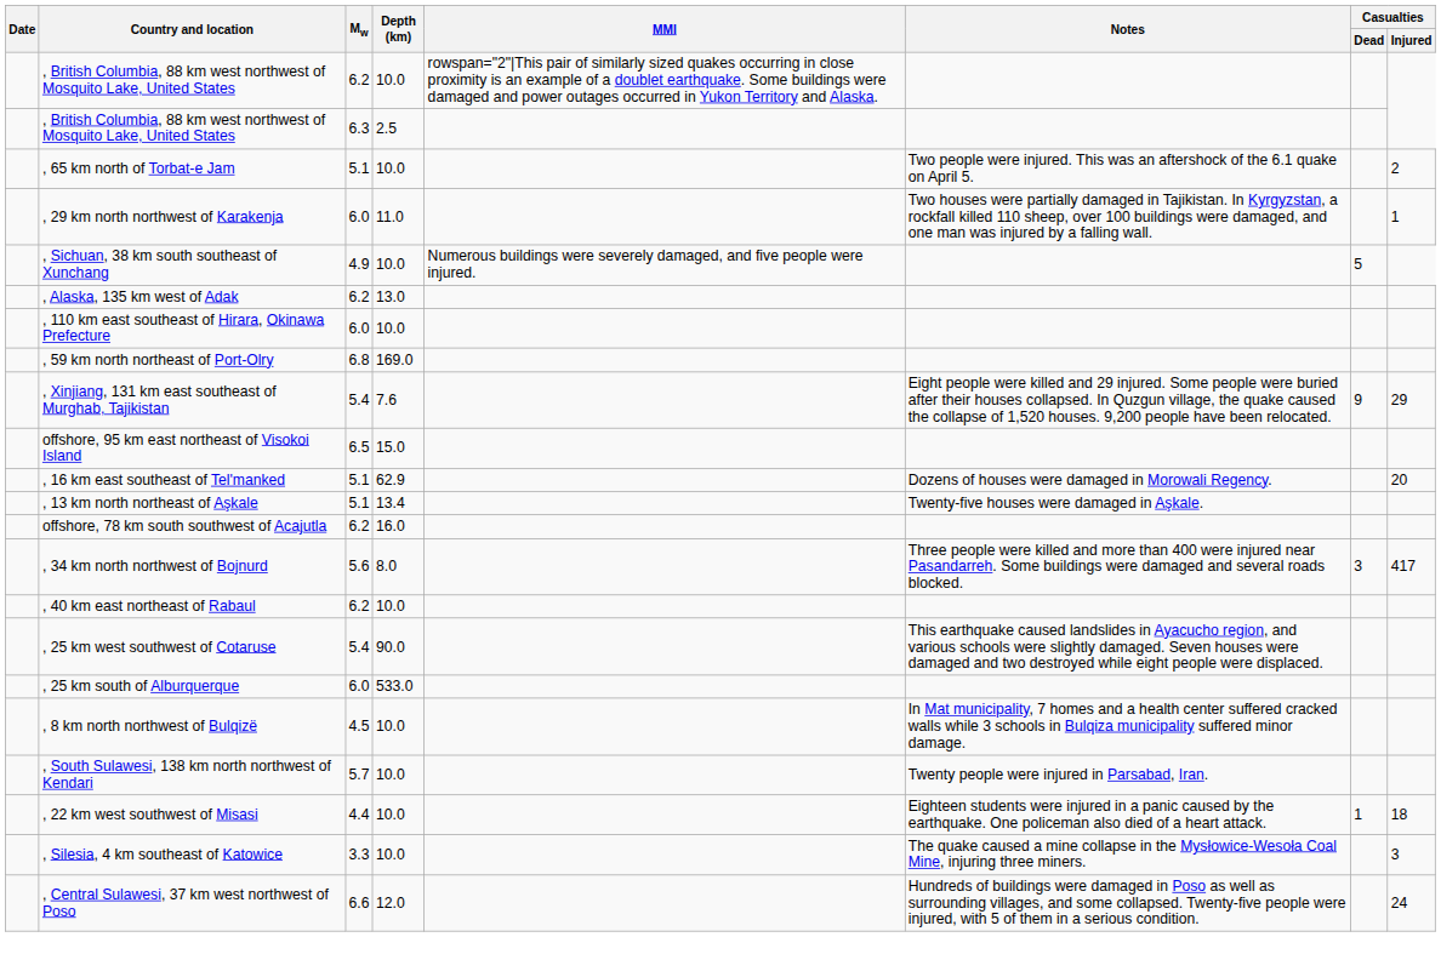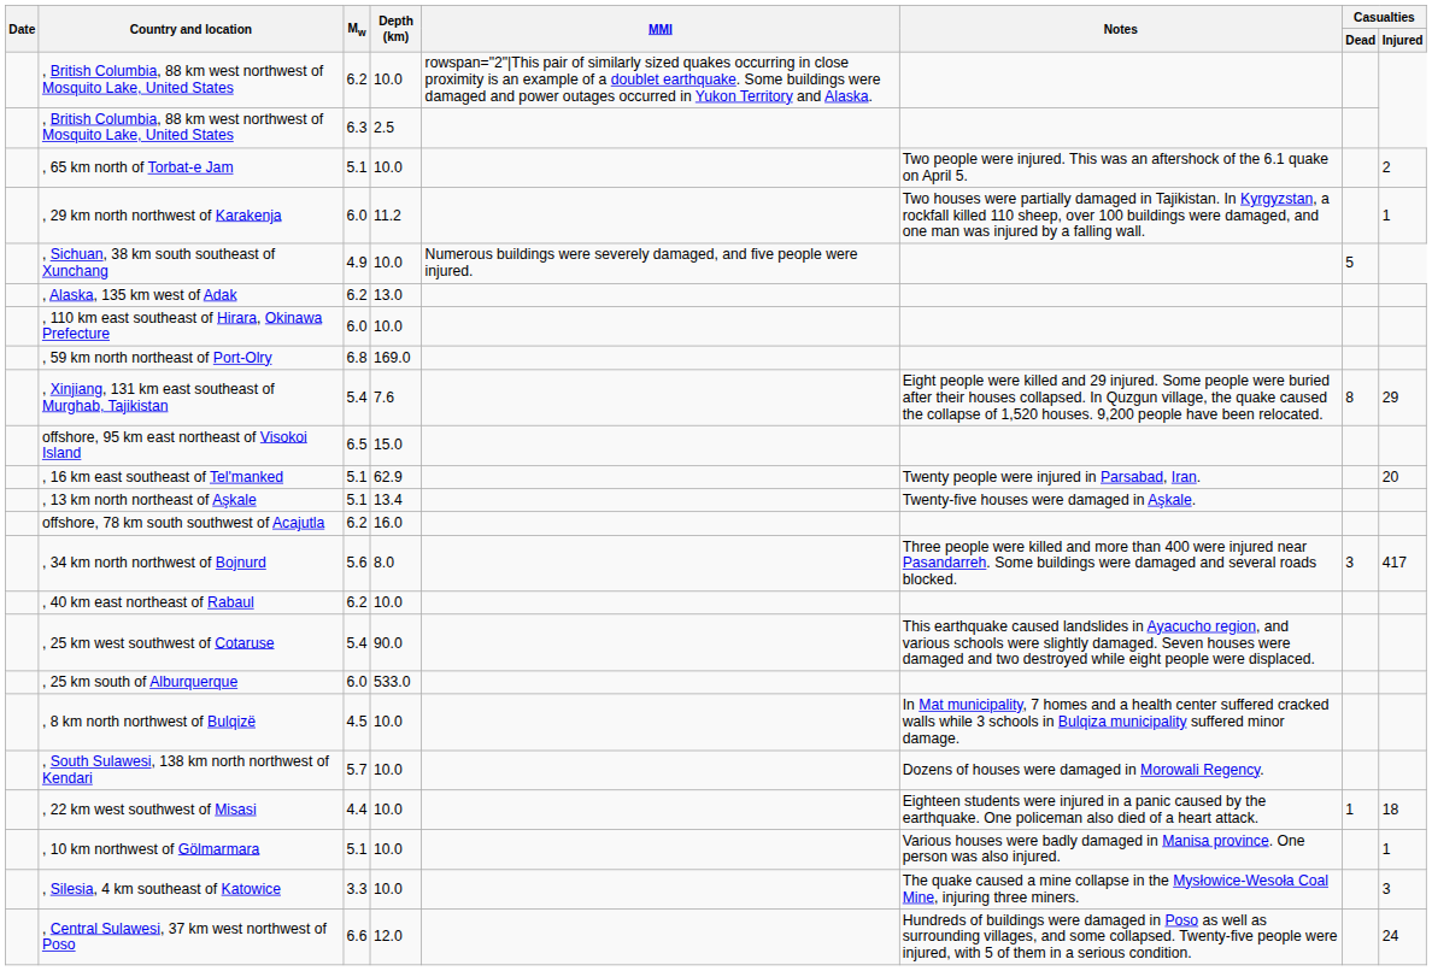 <table class="wikitable sortable sort-under" style="border:1px black; margin-left:1em;">
 <tr>
 <th rowspan="2"><small>Date</small></th>
 <th rowspan="2" style="width: 325px"><small>Country and location</small></th>
 <th rowspan="2"><small>M<sub>w</sub></small></th>
 <th rowspan="2"><small>Depth (km)</small></th>
 <th rowspan="2"><small><a href='#'>MMI</a></small></th>
 <th rowspan="2" class="unsortable"><small>Notes</small></th>
 <th colspan="2"><small>Casualties</small></th>
 </tr>
 <tr>
 <th><small>Dead</small></th>
 <th><small>Injured</small></th>
 </tr>
 <tr>
 <td></td>
 <td>, <a href='#'>British Columbia</a>, 88 km west northwest of <a href='#'>Mosquito Lake, United States</a></td>
 <td>6.2</td>
 <td>10.0</td>
 <td>rowspan="2"|This pair of similarly sized quakes occurring in close proximity is an example of a <a href='#'>doublet earthquake</a>. Some buildings were damaged and power outages occurred in <a href='#'>Yukon Territory</a> and <a href='#'>Alaska</a>.</td>
 <td></td>
 <td></td>
 </tr>
 <tr>
 <td></td>
 <td>, <a href='#'>British Columbia</a>, 88 km west northwest of <a href='#'>Mosquito Lake, United States</a></td>
 <td>6.3</td>
 <td>2.5</td>
 <td></td>
 <td></td>
 <td></td>
 </tr>
 <tr>
 <td></td>
 <td>, 65 km north of <a href='#'>Torbat-e Jam</a></td>
 <td>5.1</td>
 <td>10.0</td>
 <td></td>
 <td>Two people were injured. This was an aftershock of the 6.1 quake on April 5.</td>
 <td></td>
 <td>2</td>
 </tr>
 <tr>
 <td></td>
 <td>, 29 km north northwest of <a href='#'>Karakenja</a></td>
 <td>6.0</td>
-<td>11.0</td>
+<td>11.2</td>
 <td></td>
 <td>Two houses were partially damaged in Tajikistan. In <a href='#'>Kyrgyzstan</a>, a rockfall killed 110 sheep, over 100 buildings were damaged, and one man was injured by a falling wall.</td>
 <td></td>
 <td>1</td>
 </tr>
 <tr>
 <td></td>
 <td>, <a href='#'>Sichuan</a>, 38 km south southeast of <a href='#'>Xunchang</a></td>
 <td>4.9</td>
 <td>10.0</td>
 <td>Numerous buildings were severely damaged, and five people were injured.</td>
 <td></td>
 <td>5</td>
 </tr>
 <tr>
 <td></td>
 <td>, <a href='#'>Alaska</a>, 135 km west of <a href='#'>Adak</a></td>
 <td>6.2</td>
 <td>13.0</td>
 <td></td>
 <td></td>
 <td></td>
 <td></td>
 </tr>
 <tr>
 <td></td>
 <td>, 110 km east southeast of <a href='#'>Hirara</a>, <a href='#'>Okinawa Prefecture</a></td>
 <td>6.0</td>
 <td>10.0</td>
 <td></td>
 <td></td>
 <td></td>
 <td></td>
 </tr>
 <tr>
 <td></td>
 <td>, 59 km north northeast of <a href='#'>Port-Olry</a></td>
 <td>6.8</td>
 <td>169.0</td>
 <td></td>
 <td></td>
 <td></td>
 <td></td>
 </tr>
 <tr>
 <td></td>
 <td>, <a href='#'>Xinjiang</a>, 131 km east southeast of <a href='#'>Murghab, Tajikistan</a></td>
 <td>5.4</td>
 <td>7.6</td>
 <td></td>
 <td>Eight people were killed and 29 injured. Some people were buried after their houses collapsed. In Quzgun village, the quake caused the collapse of 1,520 houses. 9,200 people have been relocated.</td>
-<td>9</td>
+<td>8</td>
 <td>29</td>
 </tr>
 <tr>
 <td></td>
 <td> offshore, 95 km east northeast of <a href='#'>Visokoi Island</a></td>
 <td>6.5</td>
 <td>15.0</td>
 <td></td>
 <td></td>
 <td></td>
 <td></td>
 </tr>
 <tr>
 <td></td>
 <td>, 16 km east southeast of <a href='#'>Tel'manked</a></td>
 <td>5.1</td>
 <td>62.9</td>
 <td></td>
-<td>Dozens of houses were damaged in <a href='#'>Morowali Regency</a>.</td>
+<td>Twenty people were injured in <a href='#'>Parsabad</a>, <a href='#'>Iran</a>.</td>
 <td></td>
 <td>20</td>
 </tr>
 <tr>
 <td></td>
 <td>, 13 km north northeast of <a href='#'>Aşkale</a></td>
 <td>5.1</td>
 <td>13.4</td>
 <td></td>
 <td>Twenty-five houses were damaged in <a href='#'>Aşkale</a>.</td>
 <td></td>
 <td></td>
 </tr>
 <tr>
 <td></td>
 <td> offshore, 78 km south southwest of <a href='#'>Acajutla</a></td>
 <td>6.2</td>
 <td>16.0</td>
 <td></td>
 <td></td>
 <td></td>
 <td></td>
 </tr>
 <tr>
 <td></td>
 <td>, 34 km north northwest of <a href='#'>Bojnurd</a></td>
 <td>5.6</td>
 <td>8.0</td>
 <td></td>
 <td>Three people were killed and more than 400 were injured near <a href='#'>Pasandarreh</a>. Some buildings were damaged and several roads blocked.</td>
 <td>3</td>
 <td>417</td>
 </tr>
 <tr>
 <td></td>
 <td>, 40 km east northeast of <a href='#'>Rabaul</a></td>
 <td>6.2</td>
 <td>10.0</td>
 <td></td>
 <td></td>
 <td></td>
 <td></td>
 </tr>
 <tr>
 <td></td>
 <td>, 25 km west southwest of <a href='#'>Cotaruse</a></td>
 <td>5.4</td>
 <td>90.0</td>
 <td></td>
 <td>This earthquake caused landslides in <a href='#'>Ayacucho region</a>, and various schools were slightly damaged. Seven houses were damaged and two destroyed while eight people were displaced.</td>
 <td></td>
 <td></td>
 </tr>
 <tr>
 <td></td>
 <td>, 25 km south of <a href='#'>Alburquerque</a></td>
 <td>6.0</td>
 <td>533.0</td>
 <td></td>
 <td></td>
 <td></td>
 <td></td>
 </tr>
 <tr>
 <td></td>
 <td>, 8 km north northwest of <a href='#'>Bulqizë</a></td>
 <td>4.5</td>
 <td>10.0</td>
 <td></td>
 <td>In <a href='#'>Mat municipality</a>, 7 homes and a health center suffered cracked walls while 3 schools in <a href='#'>Bulqiza municipality</a> suffered minor damage.</td>
 <td></td>
 <td></td>
 </tr>
 <tr>
 <td></td>
 <td>, <a href='#'>South Sulawesi</a>, 138 km north northwest of <a href='#'>Kendari</a></td>
 <td>5.7</td>
 <td>10.0</td>
 <td></td>
-<td>Twenty people were injured in <a href='#'>Parsabad</a>, <a href='#'>Iran</a>.</td>
+<td>Dozens of houses were damaged in <a href='#'>Morowali Regency</a>.</td>
 <td></td>
 <td></td>
 </tr>
 <tr>
 <td></td>
 <td>, 22 km west southwest of <a href='#'>Misasi</a></td>
 <td>4.4</td>
 <td>10.0</td>
 <td></td>
 <td>Eighteen students were injured in a panic caused by the earthquake. One policeman also died of a heart attack.</td>
 <td>1</td>
 <td>18</td>
+</tr>
+<tr>
+<td></td>
+<td>, 10 km northwest of <a href='#'>Gölmarmara</a></td>
+<td>5.1</td>
+<td>10.0</td>
+<td></td>
+<td>Various houses were badly damaged in <a href='#'>Manisa province</a>. One person was also injured.</td>
+<td></td>
+<td>1</td>
 </tr>
 <tr>
 <td></td>
 <td>, <a href='#'>Silesia</a>, 4 km southeast of <a href='#'>Katowice</a></td>
 <td>3.3</td>
 <td>10.0</td>
 <td></td>
 <td>The quake caused a mine collapse in the <a href='#'>Mysłowice-Wesoła Coal Mine</a>, injuring three miners.</td>
 <td></td>
 <td>3</td>
 </tr>
 <tr>
 <td></td>
 <td>, <a href='#'>Central Sulawesi</a>, 37 km west northwest of <a href='#'>Poso</a></td>
 <td>6.6</td>
 <td>12.0</td>
 <td></td>
 <td>Hundreds of buildings were damaged in <a href='#'>Poso</a> as well as surrounding villages, and some collapsed. Twenty-five people were injured, with 5 of them in a serious condition.</td>
 <td></td>
 <td>24</td>
 </tr>
 </table>
